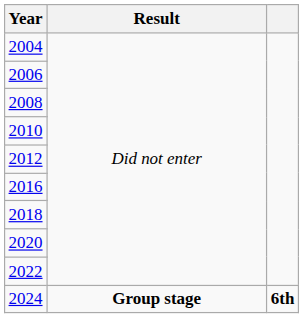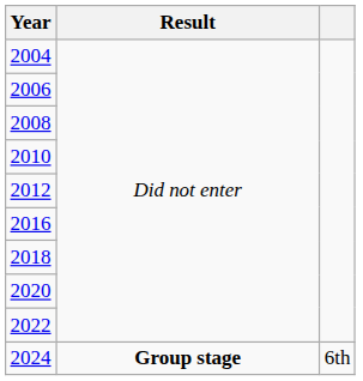 <table class="wikitable" style="text-align: center; font-size:90%">
 <tr>
 <th>Year</th>
 <th style="width:180px">Result</th>
 <th></th>
 </tr>
 <tr>
 <td> <a href='#'>2004</a></td>
 <td rowspan="9"><em>Did not enter</em></td>
 </tr>
 <tr>
 <td> <a href='#'>2006</a></td>
 </tr>
 <tr>
 <td> <a href='#'>2008</a></td>
 </tr>
 <tr>
 <td> <a href='#'>2010</a></td>
 </tr>
 <tr>
 <td> <a href='#'>2012</a></td>
 </tr>
 <tr>
 <td> <a href='#'>2016</a></td>
 </tr>
 <tr>
 <td> <a href='#'>2018</a></td>
 </tr>
 <tr>
 <td> <a href='#'>2020</a></td>
 </tr>
 <tr>
 <td> <a href='#'>2022</a></td>
 </tr>
 <tr>
 <td> <a href='#'>2024</a></td>
 <td><strong>Group stage</strong></td>
-<td><strong>6th</strong></td>
+<td>6th</td>
 </tr>
 </table>
